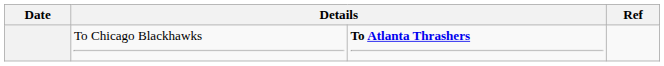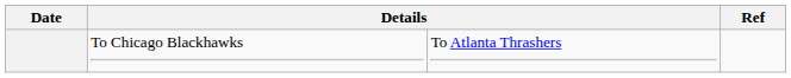 <table class="wikitable plainrowheaders" style="width: 50em;">
 <tr>
 <th scope="col">Date</th>
 <th scope="col" colspan="2">Details</th>
 <th scope="col">Ref</th>
 </tr>
 <tr>
 <th scope="row"></th>
 <td valign="top">To Chicago Blackhawks <hr></td>
-<td valign="top"><strong>To <a href='#'>Atlanta Thrashers</a> <hr></strong></td>
+<td valign="top">To <a href='#'>Atlanta Thrashers</a> <hr></td>
 <td></td>
 </tr>
 </table>
